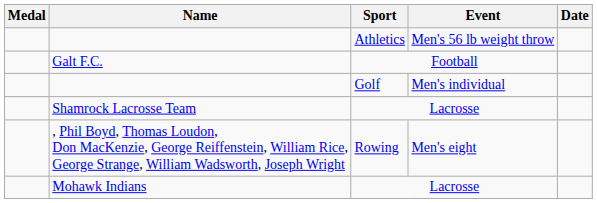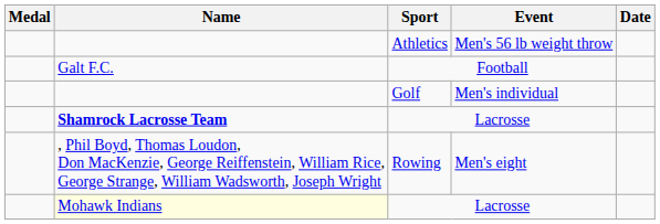 <table class="wikitable sortable" style="font-size:90%">
 <tr>
 <th>Medal</th>
 <th>Name</th>
 <th>Sport</th>
 <th>Event</th>
 <th>Date</th>
 </tr>
 <tr>
 <td></td>
 <td></td>
 <td><a href='#'>Athletics</a></td>
 <td><a href='#'>Men's 56 lb weight throw</a></td>
 <td></td>
 </tr>
 <tr>
 <td></td>
 <td><a href='#'>Galt F.C.</a><br></td>
 <td align=center colspan=2><a href='#'>Football</a></td>
 <td></td>
 </tr>
 <tr>
 <td></td>
 <td></td>
 <td><a href='#'>Golf</a></td>
 <td><a href='#'>Men's individual</a></td>
 <td></td>
 </tr>
 <tr>
 <td></td>
-<td><a href='#'>Shamrock Lacrosse Team</a><br></td>
+<td><strong><a href='#'>Shamrock Lacrosse Team</a><br></strong></td>
 <td align=center colspan=2><a href='#'>Lacrosse</a></td>
 <td></td>
 </tr>
 <tr>
 <td></td>
 <td>, <a href='#'>Phil Boyd</a>, <a href='#'>Thomas Loudon</a>,<br><a href='#'>Don MacKenzie</a>, <a href='#'>George Reiffenstein</a>, <a href='#'>William Rice</a>,<br><a href='#'>George Strange</a>, <a href='#'>William Wadsworth</a>, <a href='#'>Joseph Wright</a></td>
 <td><a href='#'>Rowing</a></td>
 <td><a href='#'>Men's eight</a></td>
 <td></td>
 </tr>
 <tr>
 <td></td>
-<td><a href='#'>Mohawk Indians</a><br></td>
+<td style="background: lightyellow;"><a href='#'>Mohawk Indians</a><br></td>
 <td align=center colspan=2><a href='#'>Lacrosse</a></td>
 <td></td>
 </tr>
 </table>
